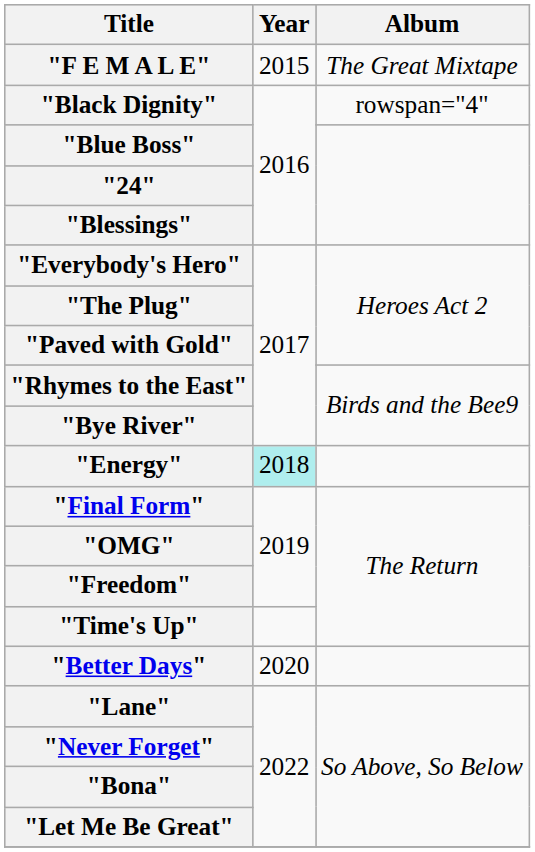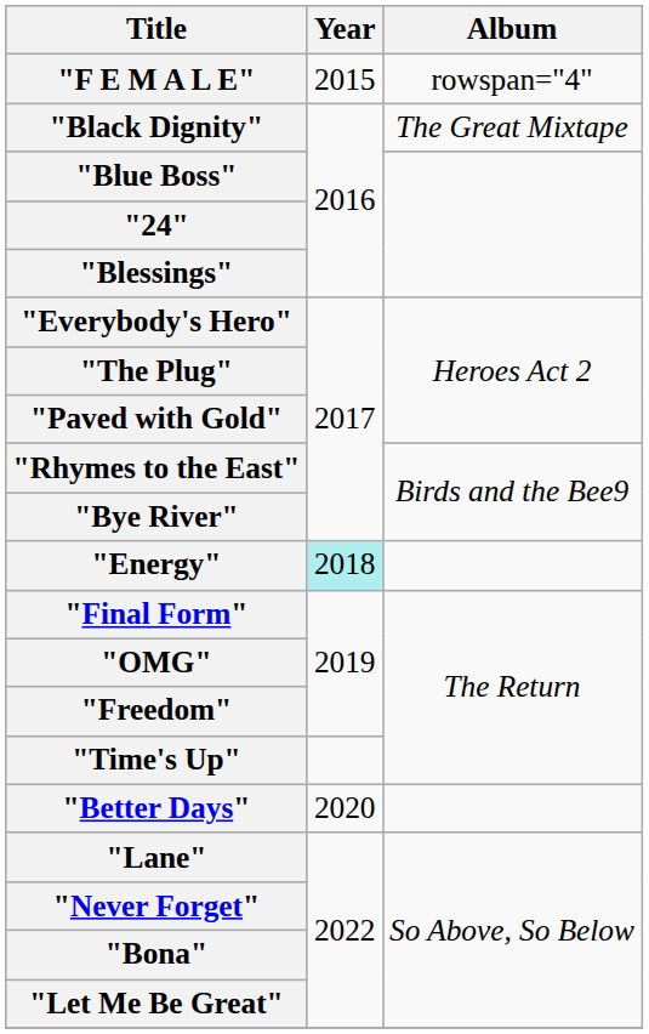 <table class="wikitable plainrowheaders" style="text-align:center;">
 <tr>
 <th>Title</th>
 <th>Year</th>
 <th>Album</th>
 </tr>
 <tr>
 <th scope="row">"F E M A L E"</th>
 <td>2015</td>
-<td><em>The Great Mixtape</em></td>
+<td>rowspan="4" </td>
 </tr>
 <tr>
 <th scope="row">"Black Dignity"</th>
 <td rowspan="4">2016</td>
-<td>rowspan="4" </td>
+<td><em>The Great Mixtape</em></td>
 </tr>
 <tr>
 <th scope="row">"Blue Boss"</th>
 </tr>
 <tr>
 <th scope="row">"24"</th>
 </tr>
 <tr>
 <th scope="row">"Blessings"</th>
 </tr>
 <tr>
 <th scope="row">"Everybody's Hero"<br></th>
 <td rowspan="5">2017</td>
 <td rowspan="3"><em>Heroes Act 2</em></td>
 </tr>
 <tr>
 <th scope="row">"The Plug"<br></th>
 </tr>
 <tr>
 <th scope="row">"Paved with Gold"<br></th>
 </tr>
 <tr>
 <th scope="row">"Rhymes to the East"</th>
 <td rowspan="2"><em>Birds and the Bee9</em></td>
 </tr>
 <tr>
 <th scope="row">"Bye River"</th>
 </tr>
 <tr>
 <th scope="row">"Energy"<br></th>
 <td style="background: paleturquoise;">2018</td>
 <td></td>
 </tr>
 <tr>
 <th scope="row">"<a href='#'>Final Form</a>"</th>
 <td rowspan="3">2019</td>
 <td rowspan="4"><em>The Return</em></td>
 </tr>
 <tr>
 <th scope="row">"OMG"</th>
 </tr>
 <tr>
 <th scope="row">"Freedom"</th>
 </tr>
 <tr>
 <th scope="row">"Time's Up"<br></th>
 </tr>
 <tr>
 <th scope="row">"<a href='#'>Better Days</a>"<br></th>
 <td>2020</td>
 <td></td>
 </tr>
 <tr>
 <th scope="row">"Lane"<br></th>
 <td rowspan="4">2022</td>
 <td rowspan="4"><em>So Above, So Below</em></td>
 </tr>
 <tr>
 <th scope="row">"<a href='#'>Never Forget</a>"<br></th>
 </tr>
 <tr>
 <th scope="row">"Bona"</th>
 </tr>
 <tr>
 <th scope="row">"Let Me Be Great"<br></th>
 </tr>
 <tr>
 </tr>
 </table>
